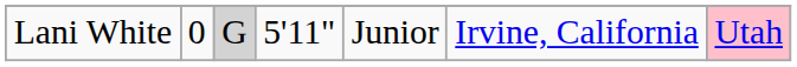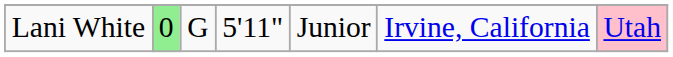 <table class="wikitable sortable" border="1" style="text-align: center;">
 <tr align=center>
 </tr>
 <tr>
 <td>Lani White</td>
-<td>0</td>
-<td style="background: lightgrey;">G</td>
+<td style="background: lightgreen;">0</td>
+<td>G</td>
 <td>5'11"</td>
 <td>Junior</td>
 <td><a href='#'>Irvine, California</a></td>
 <td style="background: pink;"><a href='#'>Utah</a></td>
 </tr>
 </table>
